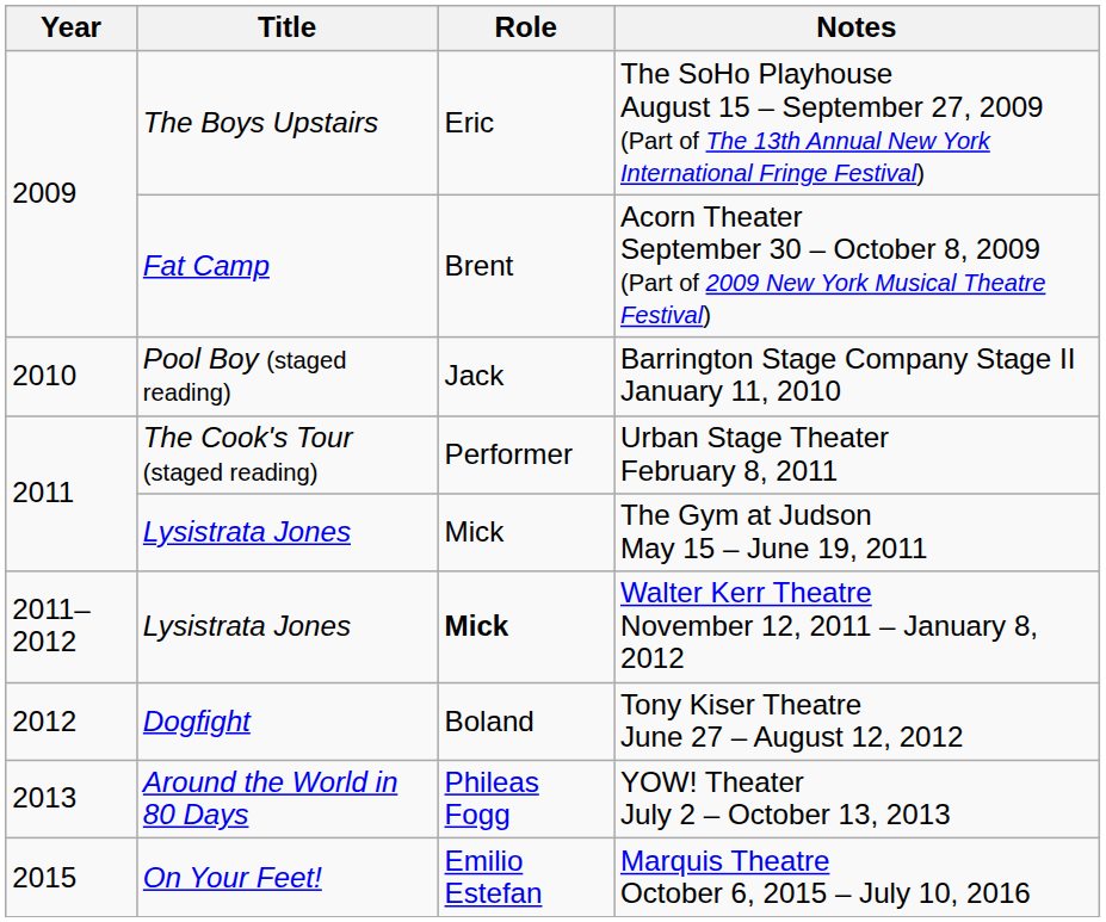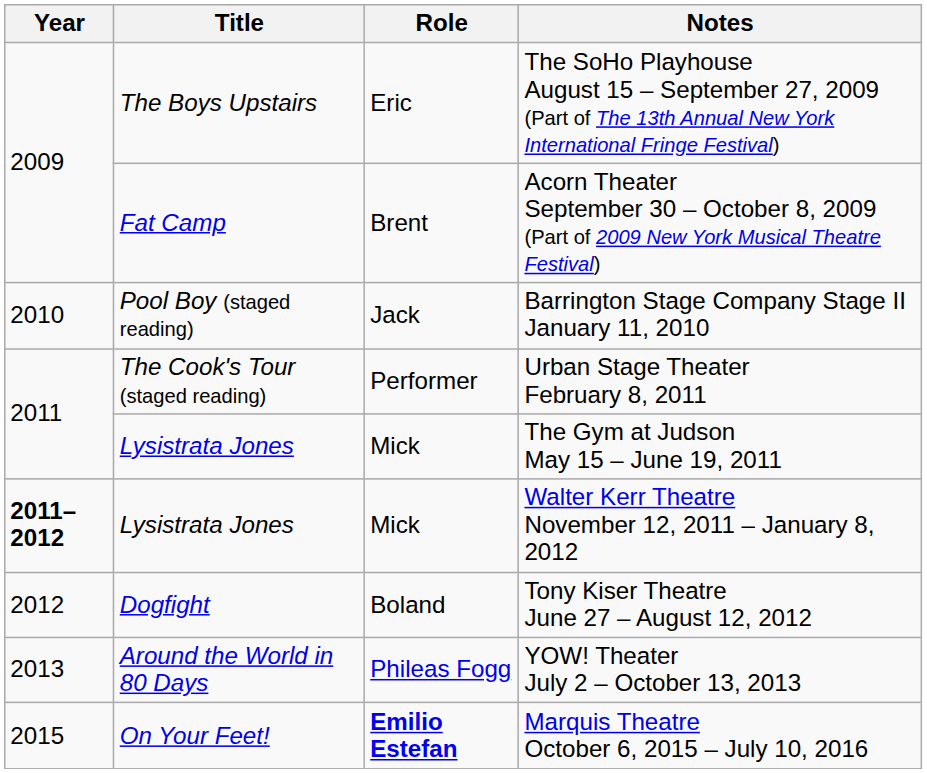 <table class="wikitable sortable">
 <tr>
 <th>Year</th>
 <th>Title</th>
 <th>Role</th>
 <th class="unsortable">Notes</th>
 </tr>
 <tr>
 <td rowspan="2">2009</td>
 <td><em>The Boys Upstairs</em></td>
 <td>Eric</td>
 <td>The SoHo Playhouse <br> August 15 – September 27, 2009 <br> <small>(Part of <em><a href='#'>The 13th Annual New York International Fringe Festival</a></em>)</small></td>
 </tr>
 <tr>
 <td><em><a href='#'>Fat Camp</a></em></td>
 <td>Brent</td>
 <td>Acorn Theater <br> September 30 – October 8, 2009 <br> <small>(Part of <em><a href='#'>2009 New York Musical Theatre Festival</a></em>)</small></td>
 </tr>
 <tr>
 <td>2010</td>
 <td><em>Pool Boy</em> <small>(staged reading)</small></td>
 <td>Jack</td>
 <td>Barrington Stage Company Stage II <br> January 11, 2010</td>
 </tr>
 <tr>
 <td rowspan="2">2011</td>
 <td><em>The Cook's Tour</em> <small>(staged reading)</small></td>
 <td>Performer</td>
 <td>Urban Stage Theater <br> February 8, 2011</td>
 </tr>
 <tr>
 <td><em><a href='#'>Lysistrata Jones</a></em></td>
 <td>Mick</td>
 <td>The Gym at Judson <br> May 15 – June 19, 2011</td>
 </tr>
 <tr>
-<td>2011–2012</td>
+<td><strong>2011–2012</strong></td>
 <td><em>Lysistrata Jones</em></td>
-<td><strong>Mick</strong></td>
+<td>Mick</td>
 <td><a href='#'>Walter Kerr Theatre</a> <br> November 12, 2011 – January 8, 2012</td>
 </tr>
 <tr>
 <td>2012</td>
 <td><em><a href='#'>Dogfight</a></em></td>
 <td>Boland</td>
 <td>Tony Kiser Theatre <br> June 27 – August 12, 2012</td>
 </tr>
 <tr>
 <td>2013</td>
 <td><em><a href='#'>Around the World in 80 Days</a></em></td>
 <td><a href='#'>Phileas Fogg</a></td>
 <td>YOW! Theater <br> July 2 – October 13, 2013</td>
 </tr>
 <tr>
 <td>2015</td>
 <td><em><a href='#'>On Your Feet!</a></em></td>
-<td><a href='#'>Emilio Estefan</a></td>
+<td><strong><a href='#'>Emilio Estefan</a></strong></td>
 <td><a href='#'>Marquis Theatre</a> <br> October 6, 2015 – July 10, 2016</td>
 </tr>
 </table>
